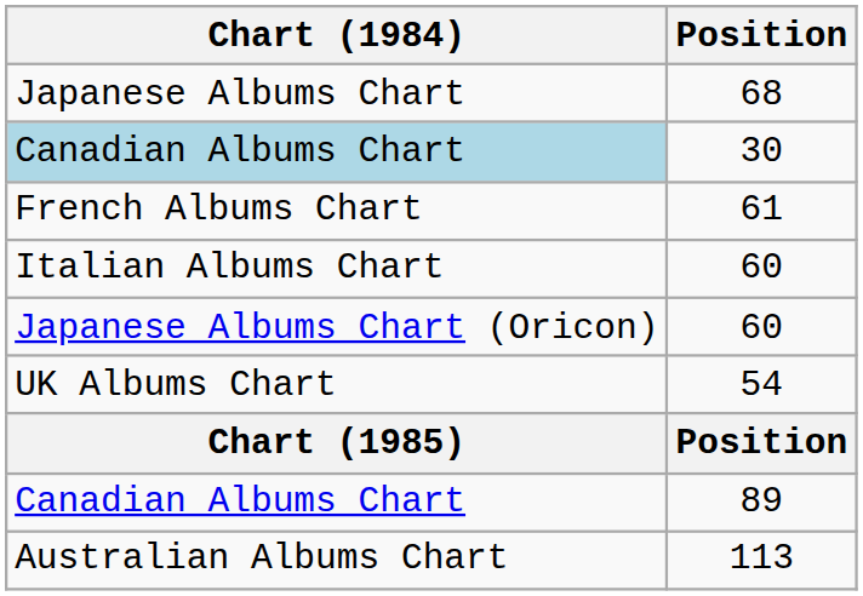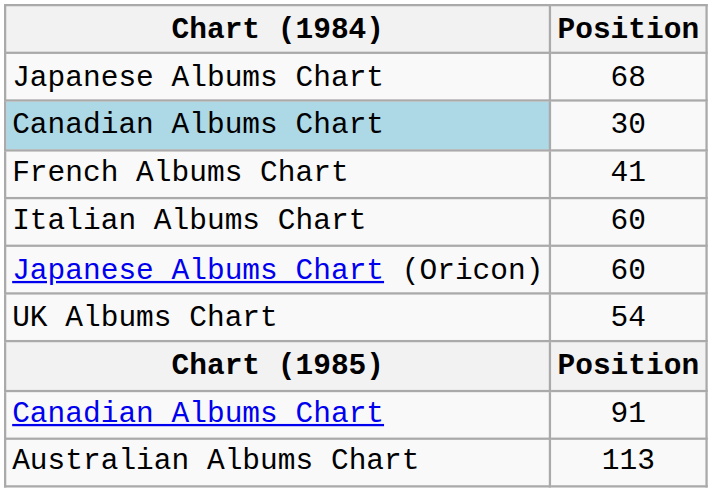 <table class="wikitable" style="text-align:center;">
 <tr>
 <th>Chart (1984)</th>
 <th>Position</th>
 </tr>
 <tr>
 <td align="left">Japanese Albums Chart</td>
 <td>68</td>
 </tr>
 <tr>
 <td align="left" style="background: lightblue;">Canadian Albums Chart</td>
 <td>30</td>
 </tr>
 <tr>
 <td align="left">French Albums Chart</td>
-<td>61</td>
+<td>41</td>
 </tr>
 <tr>
 <td align="left">Italian Albums Chart</td>
 <td>60</td>
 </tr>
 <tr>
 <td align="left"><a href='#'>Japanese Albums Chart</a> (Oricon)</td>
 <td>60</td>
 </tr>
 <tr>
 <td align="left">UK Albums Chart</td>
 <td>54</td>
 </tr>
 <tr>
 <th>Chart (1985)</th>
 <th>Position</th>
 </tr>
 <tr>
 <td align="left"><a href='#'>Canadian Albums Chart</a></td>
-<td>89</td>
+<td>91</td>
 </tr>
 <tr>
 <td align="left">Australian Albums Chart</td>
 <td>113</td>
 </tr>
 </table>
